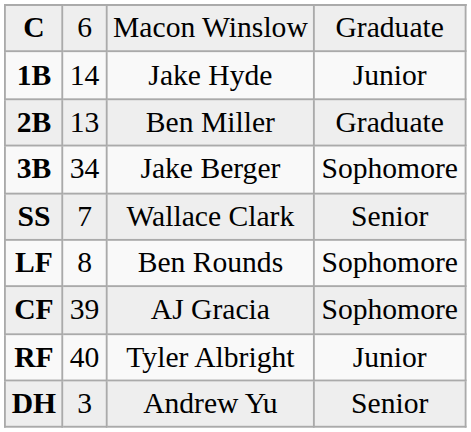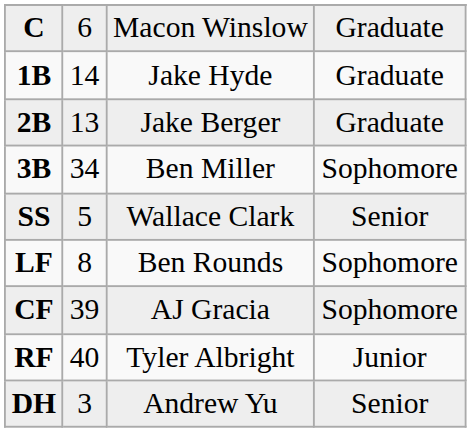 <table class="wikitable non-sortable">
 <tr>
 </tr>
 <tr style="background:#eeeeee;text-align:center;">
 <td><strong>C</strong></td>
 <td>6</td>
 <td>Macon Winslow</td>
 <td>Graduate</td>
 </tr>
 <tr style="text-align:center;">
 <td><strong>1B</strong></td>
 <td>14</td>
 <td>Jake Hyde</td>
-<td>Junior</td>
+<td>Graduate</td>
 </tr>
 <tr style="background:#eeeeee;text-align:center;">
 <td><strong>2B</strong></td>
 <td>13</td>
-<td>Ben Miller</td>
+<td>Jake Berger</td>
 <td>Graduate</td>
 </tr>
 <tr style="text-align:center;">
 <td><strong>3B</strong></td>
 <td>34</td>
-<td>Jake Berger</td>
+<td>Ben Miller</td>
 <td>Sophomore</td>
 </tr>
 <tr style="background:#eeeeee;text-align:center;">
 <td><strong>SS</strong></td>
-<td>7</td>
+<td>5</td>
 <td>Wallace Clark</td>
 <td>Senior</td>
 </tr>
 <tr style="text-align:center;">
 <td><strong>LF</strong></td>
 <td>8</td>
 <td>Ben Rounds</td>
 <td>Sophomore</td>
 </tr>
 <tr style="background:#eeeeee;text-align:center;">
 <td><strong>CF</strong></td>
 <td>39</td>
 <td>AJ Gracia</td>
 <td>Sophomore</td>
 </tr>
 <tr style="text-align:center;">
 <td><strong>RF</strong></td>
 <td>40</td>
 <td>Tyler Albright</td>
 <td>Junior</td>
 </tr>
 <tr style="background:#eeeeee;text-align:center;">
 <td><strong>DH</strong></td>
 <td>3</td>
 <td>Andrew Yu</td>
 <td>Senior</td>
 </tr>
 </table>
